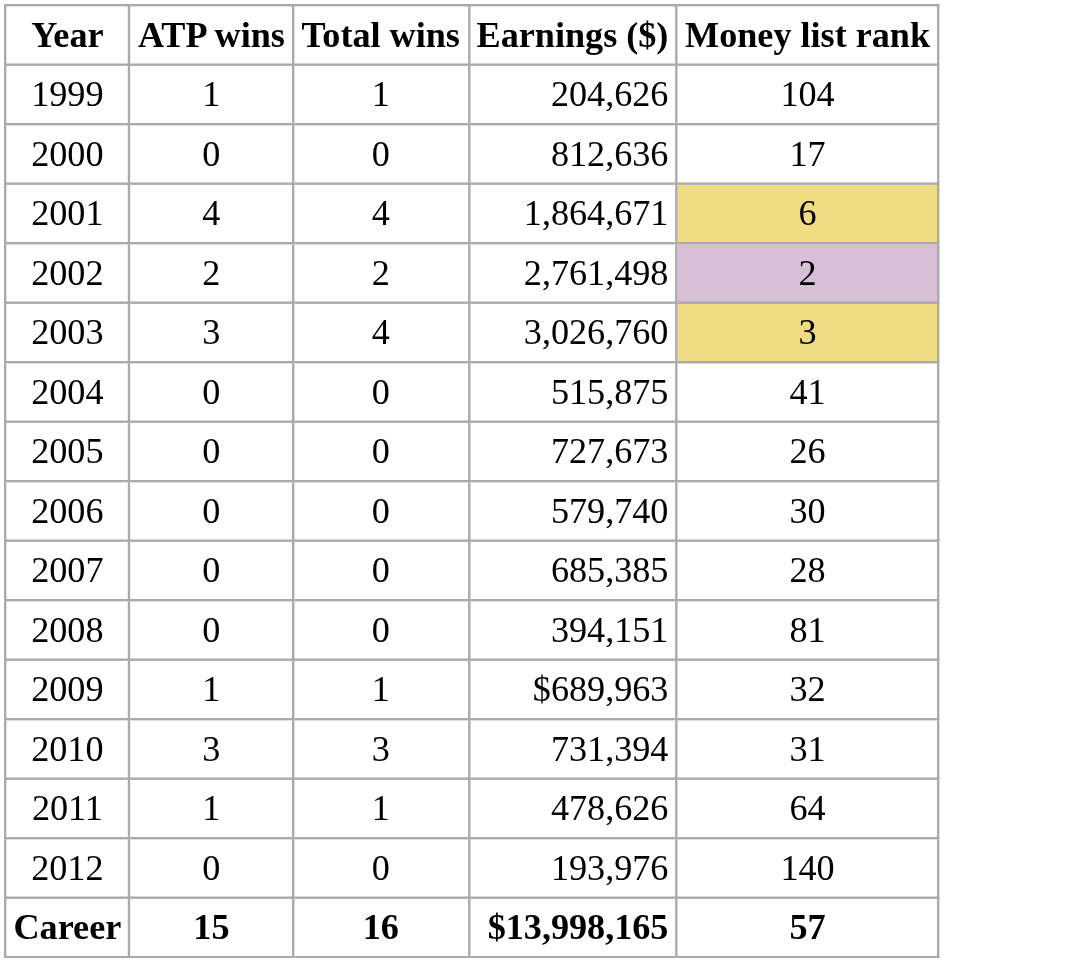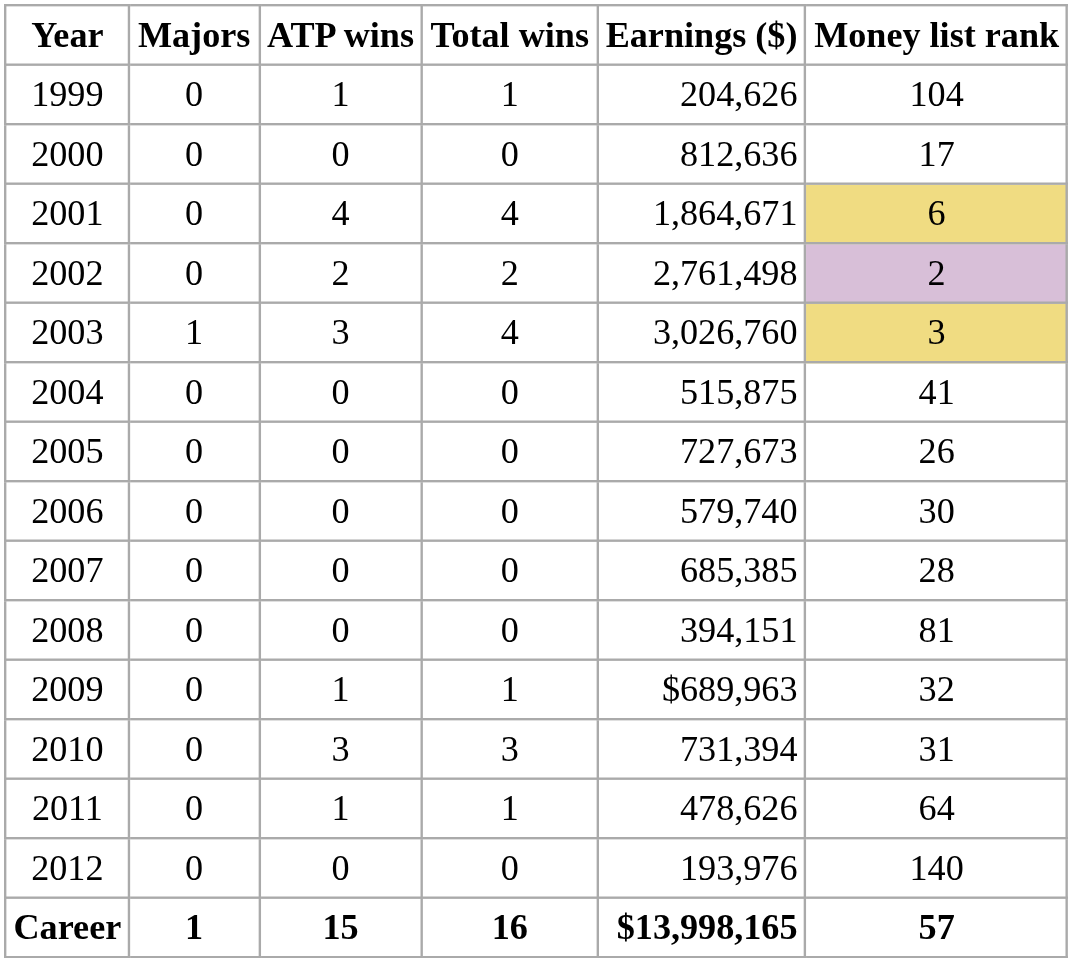 <table cellpadding=3 cellspacing=0 border=1 style=font-size:95%;border:#aaa;solid:1;border-collapse:collapse;text-align:center>
 <tr>
 <th>Year</th>
+<th>Majors</th>
 <th>ATP wins</th>
 <th>Total wins</th>
 <th>Earnings ($)</th>
 <th>Money list rank</th>
 </tr>
 <tr>
 <td>1999</td>
+<td>0</td>
 <td>1</td>
 <td>1</td>
 <td align=right>204,626</td>
 <td>104</td>
 </tr>
 <tr>
 <td>2000</td>
 <td>0</td>
 <td>0</td>
+<td>0</td>
 <td align=right>812,636</td>
 <td>17</td>
 </tr>
 <tr>
 <td>2001</td>
+<td>0</td>
 <td>4</td>
 <td>4</td>
 <td align=right>1,864,671</td>
 <td bgcolor=f0dc82>6</td>
 </tr>
 <tr>
 <td>2002</td>
+<td>0</td>
 <td>2</td>
 <td>2</td>
 <td align=right>2,761,498</td>
 <td bgcolor=thistle>2</td>
 </tr>
 <tr>
 <td>2003</td>
+<td>1</td>
 <td>3</td>
 <td>4</td>
 <td align=right>3,026,760</td>
 <td bgcolor=f0dc82>3</td>
 </tr>
 <tr>
 <td>2004</td>
 <td>0</td>
 <td>0</td>
+<td>0</td>
 <td align=right>515,875</td>
 <td>41</td>
 </tr>
 <tr>
 <td>2005</td>
+<td>0</td>
 <td>0</td>
 <td>0</td>
 <td align=right>727,673</td>
 <td>26</td>
 </tr>
 <tr>
 <td>2006</td>
 <td>0</td>
 <td>0</td>
+<td>0</td>
 <td align=right>579,740</td>
 <td>30</td>
 </tr>
 <tr>
 <td>2007</td>
+<td>0</td>
 <td>0</td>
 <td>0</td>
 <td align=right>685,385</td>
 <td>28</td>
 </tr>
 <tr>
 <td>2008</td>
 <td>0</td>
 <td>0</td>
+<td>0</td>
 <td align=right>394,151</td>
 <td>81</td>
 </tr>
 <tr>
 <td>2009</td>
+<td>0</td>
 <td>1</td>
 <td>1</td>
 <td align=right>$689,963</td>
 <td>32</td>
 </tr>
 <tr>
 <td>2010</td>
+<td>0</td>
 <td>3</td>
 <td>3</td>
 <td align=right>731,394</td>
 <td>31</td>
 </tr>
 <tr>
 <td>2011</td>
+<td>0</td>
 <td>1</td>
 <td>1</td>
 <td align=right>478,626</td>
 <td>64</td>
 </tr>
 <tr>
 <td>2012</td>
 <td>0</td>
 <td>0</td>
+<td>0</td>
 <td align=right>193,976</td>
 <td>140</td>
 </tr>
 <tr>
 <th>Career</th>
+<th>1</th>
 <th>15</th>
 <th>16</th>
 <th align=right>$13,998,165</th>
 <th>57</th>
 </tr>
 </table>
